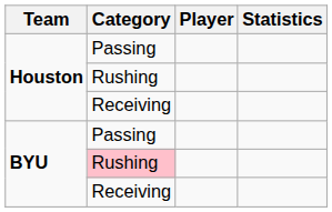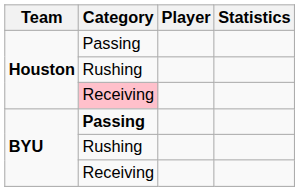 <table class="wikitable" style="float: right;">
 <tr>
 <th>Team</th>
 <th>Category</th>
 <th>Player</th>
 <th>Statistics</th>
 </tr>
 <tr>
 <td rowspan=3><strong>Houston</strong></td>
 <td>Passing</td>
 <td></td>
 <td></td>
 </tr>
 <tr>
 <td>Rushing</td>
 <td></td>
 <td></td>
 </tr>
 <tr>
-<td>Receiving</td>
+<td style="background: pink;">Receiving</td>
 <td></td>
 <td></td>
 </tr>
 <tr>
 <td rowspan=3><strong>BYU</strong></td>
-<td>Passing</td>
+<td><strong>Passing</strong></td>
 <td></td>
 <td></td>
 </tr>
 <tr>
-<td style="background: pink;">Rushing</td>
+<td>Rushing</td>
 <td></td>
 <td></td>
 </tr>
 <tr>
 <td>Receiving</td>
 <td></td>
 <td></td>
 </tr>
 </table>
